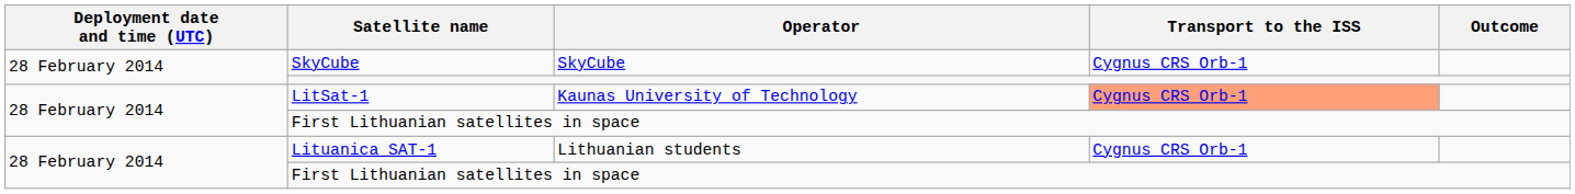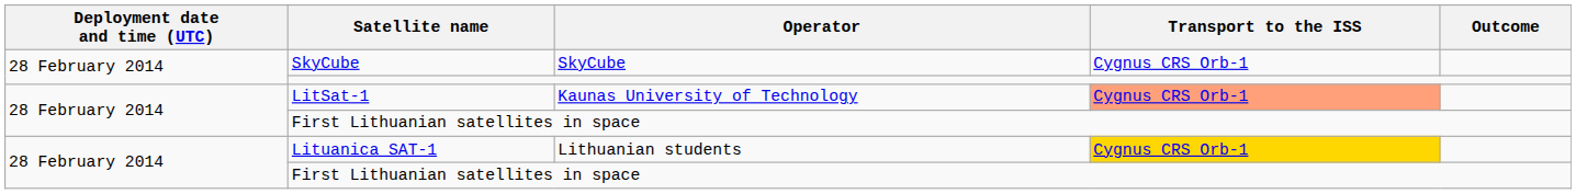 <table class="wikitable" style="width: 100%;">
 <tr>
 <th scope="col">Deployment date<br>and time (<a href='#'>UTC</a>)</th>
 <th scope="col">Satellite name</th>
 <th scope="col">Operator</th>
 <th scope="col">Transport to the ISS</th>
 <th scope="col">Outcome</th>
 </tr>
 <tr>
 <td rowspan=2>28 February 2014</td>
 <td> <a href='#'>SkyCube</a></td>
 <td><a href='#'>SkyCube</a></td>
 <td><a href='#'>Cygnus CRS Orb-1</a></td>
 <td></td>
 </tr>
 <tr>
 <td colspan=4></td>
 </tr>
 <tr>
 <td rowspan=2>28 February 2014</td>
 <td> <a href='#'>LitSat-1</a></td>
 <td><a href='#'>Kaunas University of Technology</a></td>
 <td style="background: lightsalmon;"><a href='#'>Cygnus CRS Orb-1</a></td>
 <td></td>
 </tr>
 <tr>
 <td colspan=4>First Lithuanian satellites in space</td>
 </tr>
 <tr>
 <td rowspan=2>28 February 2014</td>
 <td> <a href='#'>Lituanica SAT-1</a></td>
 <td>Lithuanian students</td>
-<td><a href='#'>Cygnus CRS Orb-1</a></td>
+<td style="background: gold;"><a href='#'>Cygnus CRS Orb-1</a></td>
 <td></td>
 </tr>
 <tr>
 <td colspan=4>First Lithuanian satellites in space</td>
 </tr>
 </table>
